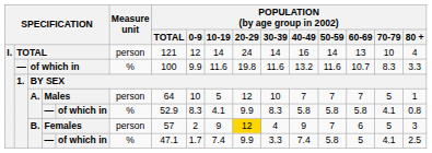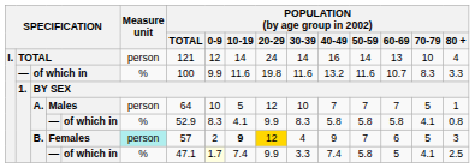 <table class="wikitable" style="font-size:85%; text-align:center">
 <tr>
 <th rowspan="2" colspan="5">SPECIFICATION</th>
 <th rowspan="2">Measure<br> unit</th>
 <th colspan="10" rowspan="1">POPULATION<br> (by age group in 2002)</th>
 </tr>
 <tr>
 <th>TOTAL</th>
 <th>0-9</th>
 <th>10-19</th>
 <th>20-29</th>
 <th>30-39</th>
 <th>40-49</th>
 <th>50-59</th>
 <th>60-69</th>
 <th>70-79</th>
 <th>80 +</th>
 </tr>
 <tr>
 <th style="text-align:left" valign="top" rowspan="7">I.</th>
 <th style="text-align:left" colspan="4">TOTAL</th>
 <td>person</td>
 <td>121</td>
 <td>12</td>
 <td>14</td>
 <td>24</td>
 <td>14</td>
 <td>16</td>
 <td>14</td>
 <td>13</td>
 <td>10</td>
 <td>4</td>
 </tr>
 <tr>
 <th style="text-align:left" valign="top">—</th>
 <th style="text-align:left" colspan="3">of which in</th>
 <td>%</td>
 <td>100</td>
 <td>9.9</td>
 <td>11.6</td>
 <td>19.8</td>
 <td>11.6</td>
 <td>13.2</td>
 <td>11.6</td>
 <td>10.7</td>
 <td>8.3</td>
 <td>3.3</td>
 </tr>
 <tr>
 <th style="text-align:left" valign="top" rowspan="5">1.</th>
 <th style="text-align:left" colspan="14">BY SEX</th>
 </tr>
 <tr>
 <th style="text-align:left" valign="top" rowspan="2">A.</th>
 <th style="text-align:left" colspan="2">Males</th>
 <td>person</td>
 <td>64</td>
 <td>10</td>
 <td>5</td>
 <td>12</td>
 <td>10</td>
 <td>7</td>
 <td>7</td>
 <td>7</td>
 <td>5</td>
 <td>1</td>
 </tr>
 <tr>
 <th style="text-align:left" valign="top">—</th>
 <th style="text-align:left" colspan="1">of which in</th>
 <td>%</td>
 <td>52.9</td>
 <td>8.3</td>
 <td>4.1</td>
 <td>9.9</td>
 <td>8.3</td>
 <td>5.8</td>
 <td>5.8</td>
 <td>5.8</td>
 <td>4.1</td>
 <td>0.8</td>
 </tr>
 <tr>
 <th style="text-align:left" valign="top" rowspan="2">B.</th>
 <th style="text-align:left" colspan="2">Females</th>
-<td>person</td>
+<td style="background: paleturquoise;">person</td>
 <td>57</td>
 <td>2</td>
-<td>9</td>
+<td><strong>9</strong></td>
 <td style="background: gold;">12</td>
 <td>4</td>
 <td>9</td>
 <td>7</td>
 <td>6</td>
 <td>5</td>
 <td>3</td>
 </tr>
 <tr>
 <th style="text-align:left" valign="top">—</th>
 <th style="text-align:left" colspan="1">of which in</th>
 <td>%</td>
 <td>47.1</td>
-<td>1.7</td>
+<td style="background: lightyellow;">1.7</td>
 <td>7.4</td>
 <td>9.9</td>
 <td>3.3</td>
 <td>7.4</td>
 <td>5.8</td>
 <td>5</td>
 <td>4.1</td>
 <td>2.5</td>
 </tr>
 </table>
